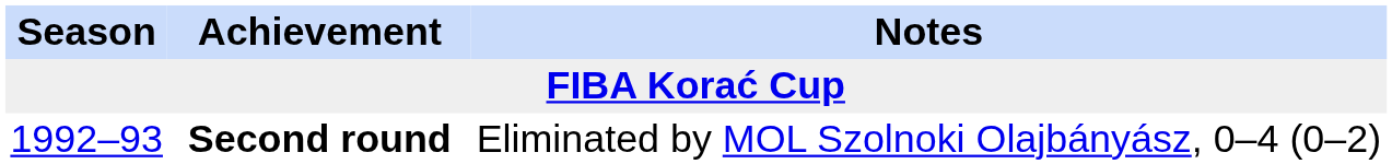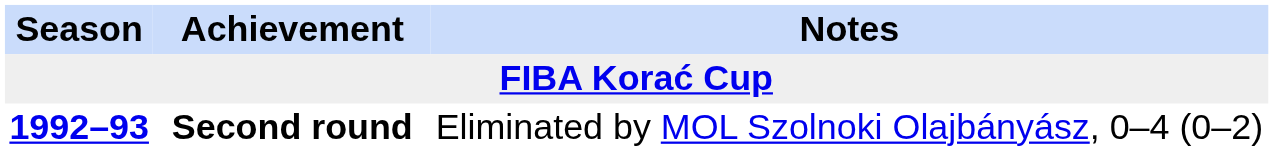 <table class="toccolours" border="0" cellpadding="2" cellspacing="0" align="left" style="margin:0.5em;">
 <tr bgcolor=#CADCFB>
 <th>Season</th>
 <th style="width:120px;">Achievement</th>
 <th>Notes</th>
 </tr>
 <tr>
 <th colspan="4" bgcolor=#EFEFEF><a href='#'>FIBA Korać Cup</a></th>
 </tr>
 <tr>
-<td align="center"><a href='#'>1992–93</a></td>
+<td align="center"><strong><a href='#'>1992–93</a></strong></td>
 <td align="center"><strong>Second round</strong></td>
 <td align="left">Eliminated by <a href='#'>MOL Szolnoki Olajbányász</a>, 0–4 (0–2)</td>
 </tr>
 <tr>
 </tr>
 </table>
